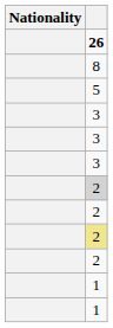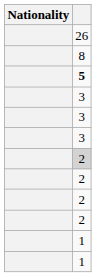 <table class="wikitable plainrowheaders">
 <tr>
 <th scope="col">Nationality</th>
 <th scope="col"></th>
 </tr>
 <tr>
 <th scope="row"></th>
-<td style="text-align:center"><strong>26</strong></td>
+<td style="text-align:center">26</td>
 </tr>
 <tr>
 <th scope="row"></th>
 <td style="text-align:center">8</td>
 </tr>
 <tr>
 <th scope="row"></th>
-<td style="text-align:center">5</td>
+<td style="text-align:center"><strong>5</strong></td>
 </tr>
 <tr>
 <th scope="row"></th>
 <td style="text-align:center">3</td>
 </tr>
 <tr>
 <th scope="row"></th>
 <td style="text-align:center">3</td>
 </tr>
 <tr>
 <th scope="row"></th>
 <td style="text-align:center">3</td>
 </tr>
 <tr>
 <th scope="row"></th>
 <td style="background: lightgrey; text-align:center">2</td>
 </tr>
 <tr>
 <th scope="row"></th>
 <td style="text-align:center">2</td>
 </tr>
 <tr>
 <th scope="row"></th>
-<td style="background: khaki; text-align:center">2</td>
+<td style="text-align:center">2</td>
 </tr>
 <tr>
 <th scope="row"></th>
 <td style="text-align:center">2</td>
 </tr>
 <tr>
 <th scope="row"></th>
 <td style="text-align:center">1</td>
 </tr>
 <tr>
 <th scope="row"></th>
 <td style="text-align:center">1</td>
 </tr>
 </table>
